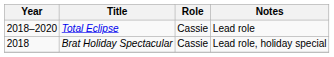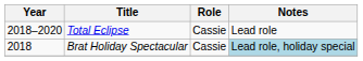 <table class="wikitable sortable">
 <tr>
 <th>Year</th>
 <th>Title</th>
 <th>Role</th>
 <th class="unsortable">Notes</th>
 </tr>
 <tr>
 <td>2018–2020</td>
 <td><em><a href='#'>Total Eclipse</a></em></td>
 <td>Cassie</td>
 <td>Lead role</td>
 </tr>
 <tr>
 <td>2018</td>
 <td><em>Brat Holiday Spectacular</em></td>
 <td>Cassie</td>
-<td>Lead role, holiday special</td>
+<td style="background: lightblue;">Lead role, holiday special</td>
 </tr>
 <tr>
 </tr>
 </table>
